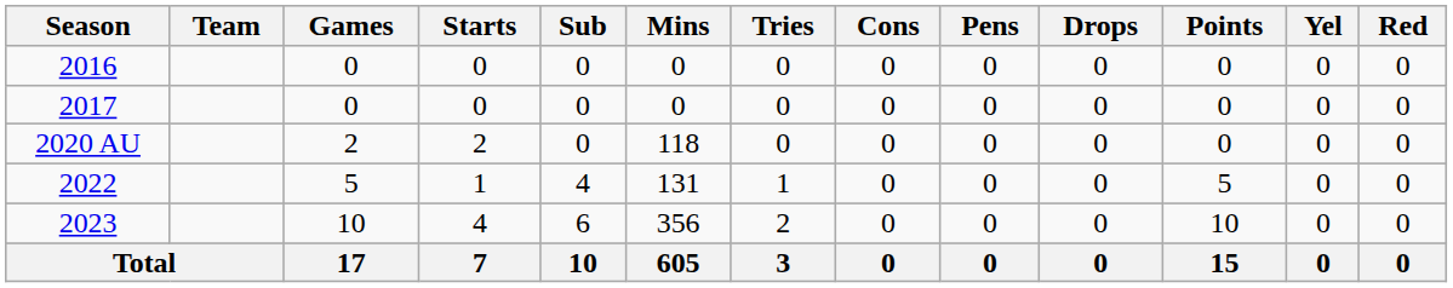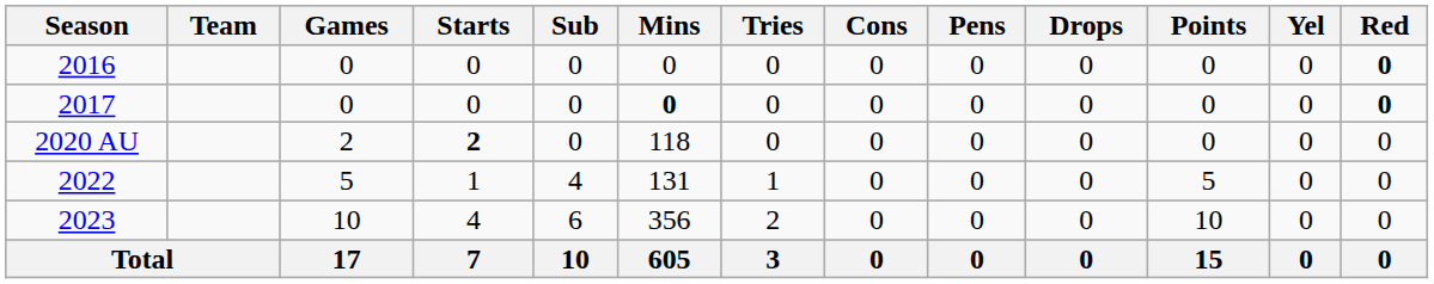 <table class="wikitable" style="text-align:center; line-height:90%; font-size:95%; width:60%;">
 <tr>
 <th>Season</th>
 <th>Team</th>
 <th>Games</th>
 <th>Starts</th>
 <th>Sub</th>
 <th>Mins</th>
 <th>Tries</th>
 <th>Cons</th>
 <th>Pens</th>
 <th>Drops</th>
 <th>Points</th>
 <th>Yel</th>
 <th>Red</th>
 </tr>
 <tr>
 <td><a href='#'>2016</a></td>
 <td></td>
 <td>0</td>
 <td>0</td>
 <td>0</td>
 <td>0</td>
 <td>0</td>
 <td>0</td>
 <td>0</td>
 <td>0</td>
 <td>0</td>
 <td>0</td>
-<td>0</td>
+<td><strong>0</strong></td>
 </tr>
 <tr>
 <td><a href='#'>2017</a></td>
 <td></td>
 <td>0</td>
 <td>0</td>
 <td>0</td>
+<td><strong>0</strong></td>
 <td>0</td>
 <td>0</td>
 <td>0</td>
 <td>0</td>
 <td>0</td>
 <td>0</td>
-<td>0</td>
-<td>0</td>
+<td><strong>0</strong></td>
 </tr>
 <tr>
 <td><a href='#'>2020 AU</a></td>
 <td></td>
 <td>2</td>
-<td>2</td>
+<td><strong>2</strong></td>
 <td>0</td>
 <td>118</td>
 <td>0</td>
 <td>0</td>
 <td>0</td>
 <td>0</td>
 <td>0</td>
 <td>0</td>
 <td>0</td>
 </tr>
 <tr>
 <td><a href='#'>2022</a></td>
 <td></td>
 <td>5</td>
 <td>1</td>
 <td>4</td>
 <td>131</td>
 <td>1</td>
 <td>0</td>
 <td>0</td>
 <td>0</td>
 <td>5</td>
 <td>0</td>
 <td>0</td>
 </tr>
 <tr>
 <td><a href='#'>2023</a></td>
 <td></td>
 <td>10</td>
 <td>4</td>
 <td>6</td>
 <td>356</td>
 <td>2</td>
 <td>0</td>
 <td>0</td>
 <td>0</td>
 <td>10</td>
 <td>0</td>
 <td>0</td>
 </tr>
 <tr>
 <th colspan="2">Total</th>
 <th>17</th>
 <th>7</th>
 <th>10</th>
 <th>605</th>
 <th>3</th>
 <th>0</th>
 <th>0</th>
 <th>0</th>
 <th>15</th>
 <th>0</th>
 <th>0</th>
 </tr>
 </table>
